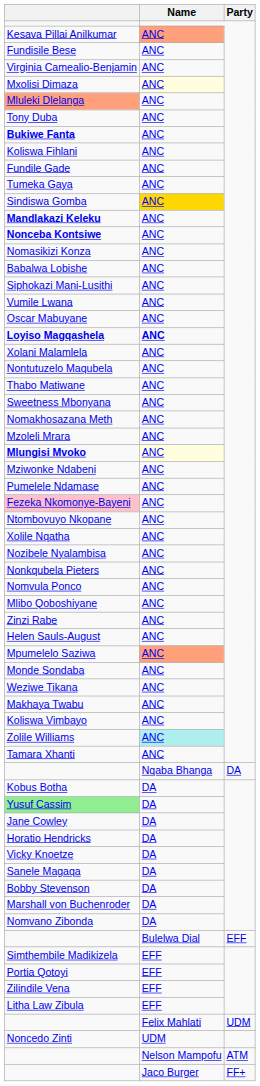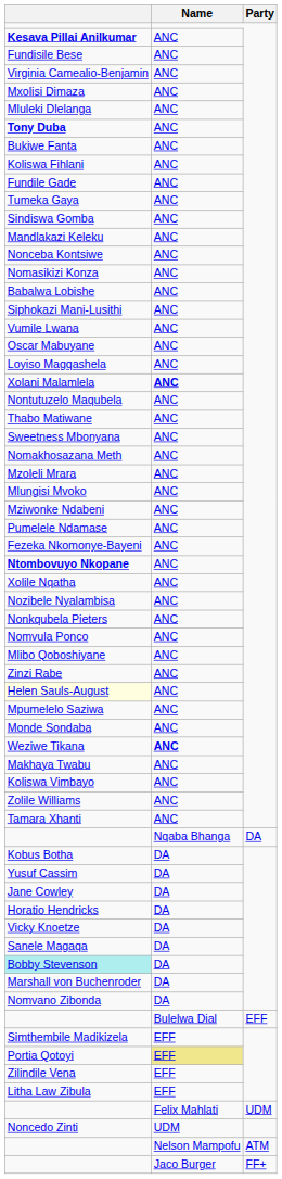 <table class="wikitable sortable">
 <tr>
 <th></th>
 <th>Name</th>
 <th>Party</th>
 </tr>
 <tr>
 <td bgcolor=></td>
 </tr>
 <tr>
-<td><a href='#'>Kesava Pillai Anilkumar</a></td>
-<td style="background: lightsalmon;"><a href='#'>ANC</a></td>
+<td><strong><a href='#'>Kesava Pillai Anilkumar</a></strong></td>
+<td><a href='#'>ANC</a></td>
 </tr>
 <tr>
 <td><a href='#'>Fundisile Bese</a></td>
 <td><a href='#'>ANC</a></td>
 </tr>
 <tr>
 <td><a href='#'>Virginia Camealio-Benjamin</a></td>
 <td><a href='#'>ANC</a></td>
 </tr>
 <tr>
 <td><a href='#'>Mxolisi Dimaza</a></td>
-<td style="background: lightyellow;"><a href='#'>ANC</a></td>
-</tr>
-<tr>
-<td style="background: lightsalmon;"><a href='#'>Mluleki Dlelanga</a></td>
 <td><a href='#'>ANC</a></td>
 </tr>
 <tr>
-<td><a href='#'>Tony Duba</a></td>
+<td><a href='#'>Mluleki Dlelanga</a></td>
 <td><a href='#'>ANC</a></td>
 </tr>
 <tr>
-<td><strong><a href='#'>Bukiwe Fanta</a></strong></td>
+<td><strong><a href='#'>Tony Duba</a></strong></td>
+<td><a href='#'>ANC</a></td>
+</tr>
+<tr>
+<td><a href='#'>Bukiwe Fanta</a></td>
 <td><a href='#'>ANC</a></td>
 </tr>
 <tr>
 <td><a href='#'>Koliswa Fihlani</a></td>
 <td><a href='#'>ANC</a></td>
 </tr>
 <tr>
 <td><a href='#'>Fundile Gade</a></td>
 <td><a href='#'>ANC</a></td>
 </tr>
 <tr>
 <td><a href='#'>Tumeka Gaya</a></td>
 <td><a href='#'>ANC</a></td>
 </tr>
 <tr>
 <td><a href='#'>Sindiswa Gomba</a></td>
-<td style="background: gold;"><a href='#'>ANC</a></td>
-</tr>
-<tr>
-<td><strong><a href='#'>Mandlakazi Keleku</a></strong></td>
 <td><a href='#'>ANC</a></td>
 </tr>
 <tr>
-<td><strong><a href='#'>Nonceba Kontsiwe</a></strong></td>
+<td><a href='#'>Mandlakazi Keleku</a></td>
+<td><a href='#'>ANC</a></td>
+</tr>
+<tr>
+<td><a href='#'>Nonceba Kontsiwe</a></td>
 <td><a href='#'>ANC</a></td>
 </tr>
 <tr>
 <td><a href='#'>Nomasikizi Konza</a></td>
 <td><a href='#'>ANC</a></td>
 </tr>
 <tr>
 <td><a href='#'>Babalwa Lobishe</a></td>
 <td><a href='#'>ANC</a></td>
 </tr>
 <tr>
 <td><a href='#'>Siphokazi Mani-Lusithi</a></td>
 <td><a href='#'>ANC</a></td>
 </tr>
 <tr>
 <td><a href='#'>Vumile Lwana</a></td>
 <td><a href='#'>ANC</a></td>
 </tr>
 <tr>
 <td><a href='#'>Oscar Mabuyane</a></td>
 <td><a href='#'>ANC</a></td>
 </tr>
 <tr>
-<td><strong><a href='#'>Loyiso Magqashela</a></strong></td>
-<td><strong><a href='#'>ANC</a></strong></td>
+<td><a href='#'>Loyiso Magqashela</a></td>
+<td><a href='#'>ANC</a></td>
 </tr>
 <tr>
 <td><a href='#'>Xolani Malamlela</a></td>
-<td><a href='#'>ANC</a></td>
+<td><strong><a href='#'>ANC</a></strong></td>
 </tr>
 <tr>
 <td><a href='#'>Nontutuzelo Maqubela</a></td>
 <td><a href='#'>ANC</a></td>
 </tr>
 <tr>
 <td><a href='#'>Thabo Matiwane</a></td>
 <td><a href='#'>ANC</a></td>
 </tr>
 <tr>
 <td><a href='#'>Sweetness Mbonyana</a></td>
 <td><a href='#'>ANC</a></td>
 </tr>
 <tr>
 <td><a href='#'>Nomakhosazana Meth</a></td>
 <td><a href='#'>ANC</a></td>
 </tr>
 <tr>
 <td><a href='#'>Mzoleli Mrara</a></td>
 <td><a href='#'>ANC</a></td>
 </tr>
 <tr>
-<td><strong><a href='#'>Mlungisi Mvoko</a></strong></td>
-<td style="background: lightyellow;"><a href='#'>ANC</a></td>
+<td><a href='#'>Mlungisi Mvoko</a></td>
+<td><a href='#'>ANC</a></td>
 </tr>
 <tr>
 <td><a href='#'>Mziwonke Ndabeni</a></td>
 <td><a href='#'>ANC</a></td>
 </tr>
 <tr>
 <td><a href='#'>Pumelele Ndamase</a></td>
 <td><a href='#'>ANC</a></td>
 </tr>
 <tr>
-<td style="background: pink;"><a href='#'>Fezeka Nkomonye-Bayeni</a></td>
+<td><a href='#'>Fezeka Nkomonye-Bayeni</a></td>
 <td><a href='#'>ANC</a></td>
 </tr>
 <tr>
-<td><a href='#'>Ntombovuyo Nkopane</a></td>
+<td><strong><a href='#'>Ntombovuyo Nkopane</a></strong></td>
 <td><a href='#'>ANC</a></td>
 </tr>
 <tr>
 <td><a href='#'>Xolile Nqatha</a></td>
 <td><a href='#'>ANC</a></td>
 </tr>
 <tr>
 <td><a href='#'>Nozibele Nyalambisa</a></td>
 <td><a href='#'>ANC</a></td>
 </tr>
 <tr>
 <td><a href='#'>Nonkqubela Pieters</a></td>
 <td><a href='#'>ANC</a></td>
 </tr>
 <tr>
 <td><a href='#'>Nomvula Ponco</a></td>
 <td><a href='#'>ANC</a></td>
 </tr>
 <tr>
 <td><a href='#'>Mlibo Qoboshiyane</a></td>
 <td><a href='#'>ANC</a></td>
 </tr>
 <tr>
 <td><a href='#'>Zinzi Rabe</a></td>
 <td><a href='#'>ANC</a></td>
 </tr>
 <tr>
-<td><a href='#'>Helen Sauls-August</a></td>
+<td style="background: lightyellow;"><a href='#'>Helen Sauls-August</a></td>
 <td><a href='#'>ANC</a></td>
 </tr>
 <tr>
 <td><a href='#'>Mpumelelo Saziwa</a></td>
-<td style="background: lightsalmon;"><a href='#'>ANC</a></td>
+<td><a href='#'>ANC</a></td>
 </tr>
 <tr>
 <td><a href='#'>Monde Sondaba</a></td>
 <td><a href='#'>ANC</a></td>
 </tr>
 <tr>
 <td><a href='#'>Weziwe Tikana</a></td>
-<td><a href='#'>ANC</a></td>
+<td><strong><a href='#'>ANC</a></strong></td>
 </tr>
 <tr>
 <td><a href='#'>Makhaya Twabu</a></td>
 <td><a href='#'>ANC</a></td>
 </tr>
 <tr>
 <td><a href='#'>Koliswa Vimbayo</a></td>
 <td><a href='#'>ANC</a></td>
 </tr>
 <tr>
 <td><a href='#'>Zolile Williams</a></td>
-<td style="background: paleturquoise;"><a href='#'>ANC</a></td>
+<td><a href='#'>ANC</a></td>
 </tr>
 <tr>
 <td><a href='#'>Tamara Xhanti</a></td>
 <td><a href='#'>ANC</a></td>
 </tr>
 <tr>
 <td bgcolor=></td>
 <td><a href='#'>Nqaba Bhanga</a></td>
 <td><a href='#'>DA</a></td>
 </tr>
 <tr>
 <td><a href='#'>Kobus Botha</a></td>
 <td><a href='#'>DA</a></td>
 </tr>
 <tr>
-<td style="background: lightgreen;"><a href='#'>Yusuf Cassim</a></td>
+<td><a href='#'>Yusuf Cassim</a></td>
 <td><a href='#'>DA</a></td>
 </tr>
 <tr>
 <td><a href='#'>Jane Cowley</a></td>
 <td><a href='#'>DA</a></td>
 </tr>
 <tr>
 <td><a href='#'>Horatio Hendricks</a></td>
 <td><a href='#'>DA</a></td>
 </tr>
 <tr>
 <td><a href='#'>Vicky Knoetze</a></td>
 <td><a href='#'>DA</a></td>
 </tr>
 <tr>
 <td><a href='#'>Sanele Magaqa</a></td>
 <td><a href='#'>DA</a></td>
 </tr>
 <tr>
-<td><a href='#'>Bobby Stevenson</a></td>
+<td style="background: paleturquoise;"><a href='#'>Bobby Stevenson</a></td>
 <td><a href='#'>DA</a></td>
 </tr>
 <tr>
 <td><a href='#'>Marshall von Buchenroder</a></td>
 <td><a href='#'>DA</a></td>
 </tr>
 <tr>
 <td><a href='#'>Nomvano Zibonda</a></td>
 <td><a href='#'>DA</a></td>
 </tr>
 <tr>
 <td bgcolor=></td>
 <td><a href='#'>Bulelwa Dial</a></td>
 <td><a href='#'>EFF</a></td>
 </tr>
 <tr>
 <td><a href='#'>Simthembile Madikizela</a></td>
 <td><a href='#'>EFF</a></td>
 </tr>
 <tr>
 <td><a href='#'>Portia Qotoyi</a></td>
-<td><a href='#'>EFF</a></td>
+<td style="background: khaki;"><a href='#'>EFF</a></td>
 </tr>
 <tr>
 <td><a href='#'>Zilindile Vena</a></td>
 <td><a href='#'>EFF</a></td>
 </tr>
 <tr>
 <td><a href='#'>Litha Law Zibula</a></td>
 <td><a href='#'>EFF</a></td>
 </tr>
 <tr>
 <td bgcolor=></td>
 <td><a href='#'>Felix Mahlati</a></td>
 <td><a href='#'>UDM</a></td>
 </tr>
 <tr>
 <td><a href='#'>Noncedo Zinti</a></td>
 <td><a href='#'>UDM</a></td>
 </tr>
 <tr>
 <td bgcolor=></td>
 <td><a href='#'>Nelson Mampofu</a></td>
 <td><a href='#'>ATM</a></td>
 </tr>
 <tr>
 <td bgcolor=></td>
 <td><a href='#'>Jaco Burger</a></td>
 <td><a href='#'>FF+</a></td>
 </tr>
 </table>
